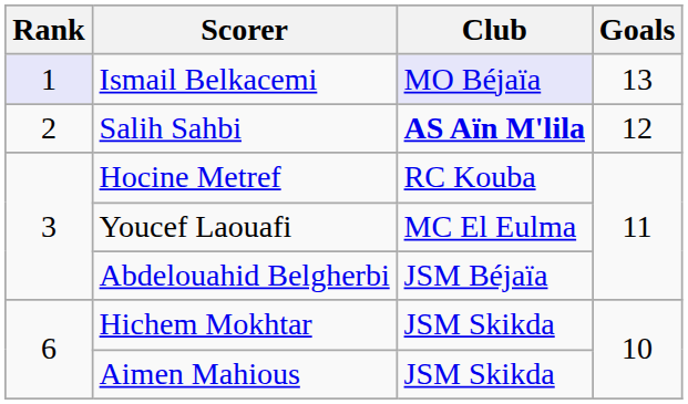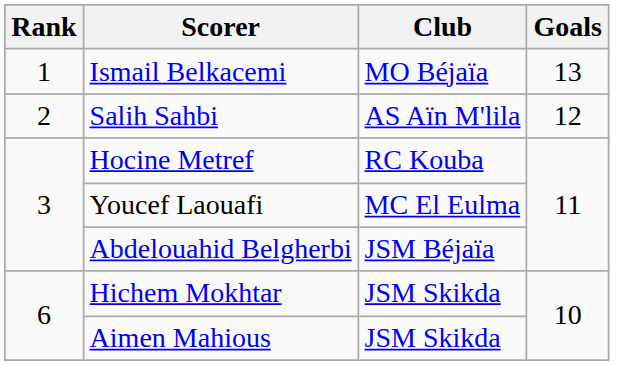 <table class="wikitable" style="text-align:center">
 <tr>
 <th>Rank</th>
 <th>Scorer</th>
 <th>Club</th>
 <th>Goals</th>
 </tr>
 <tr>
-<td style="background: lavender;">1</td>
+<td>1</td>
 <td align="left"> <a href='#'>Ismail Belkacemi</a></td>
-<td align="left" style="background: lavender;"><a href='#'>MO Béjaïa</a></td>
+<td align="left"><a href='#'>MO Béjaïa</a></td>
 <td>13</td>
 </tr>
 <tr>
 <td>2</td>
 <td align="left"> <a href='#'>Salih Sahbi</a></td>
-<td align="left"><strong><a href='#'>AS Aïn M'lila</a></strong></td>
+<td align="left"><a href='#'>AS Aïn M'lila</a></td>
 <td>12</td>
 </tr>
 <tr>
 <td rowspan="3">3</td>
 <td align="left"> <a href='#'>Hocine Metref</a></td>
 <td align="left"><a href='#'>RC Kouba</a></td>
 <td rowspan="3">11</td>
 </tr>
 <tr>
 <td align="left"> Youcef Laouafi</td>
 <td align="left"><a href='#'>MC El Eulma</a></td>
 </tr>
 <tr>
 <td align="left"> <a href='#'>Abdelouahid Belgherbi</a></td>
 <td align="left"><a href='#'>JSM Béjaïa</a></td>
 </tr>
 <tr>
 <td rowspan="2">6</td>
 <td align="left"> <a href='#'>Hichem Mokhtar</a></td>
 <td align="left"><a href='#'>JSM Skikda</a></td>
 <td rowspan="2">10</td>
 </tr>
 <tr>
 <td align="left"> <a href='#'>Aimen Mahious</a></td>
 <td align="left"><a href='#'>JSM Skikda</a></td>
 </tr>
 </table>
